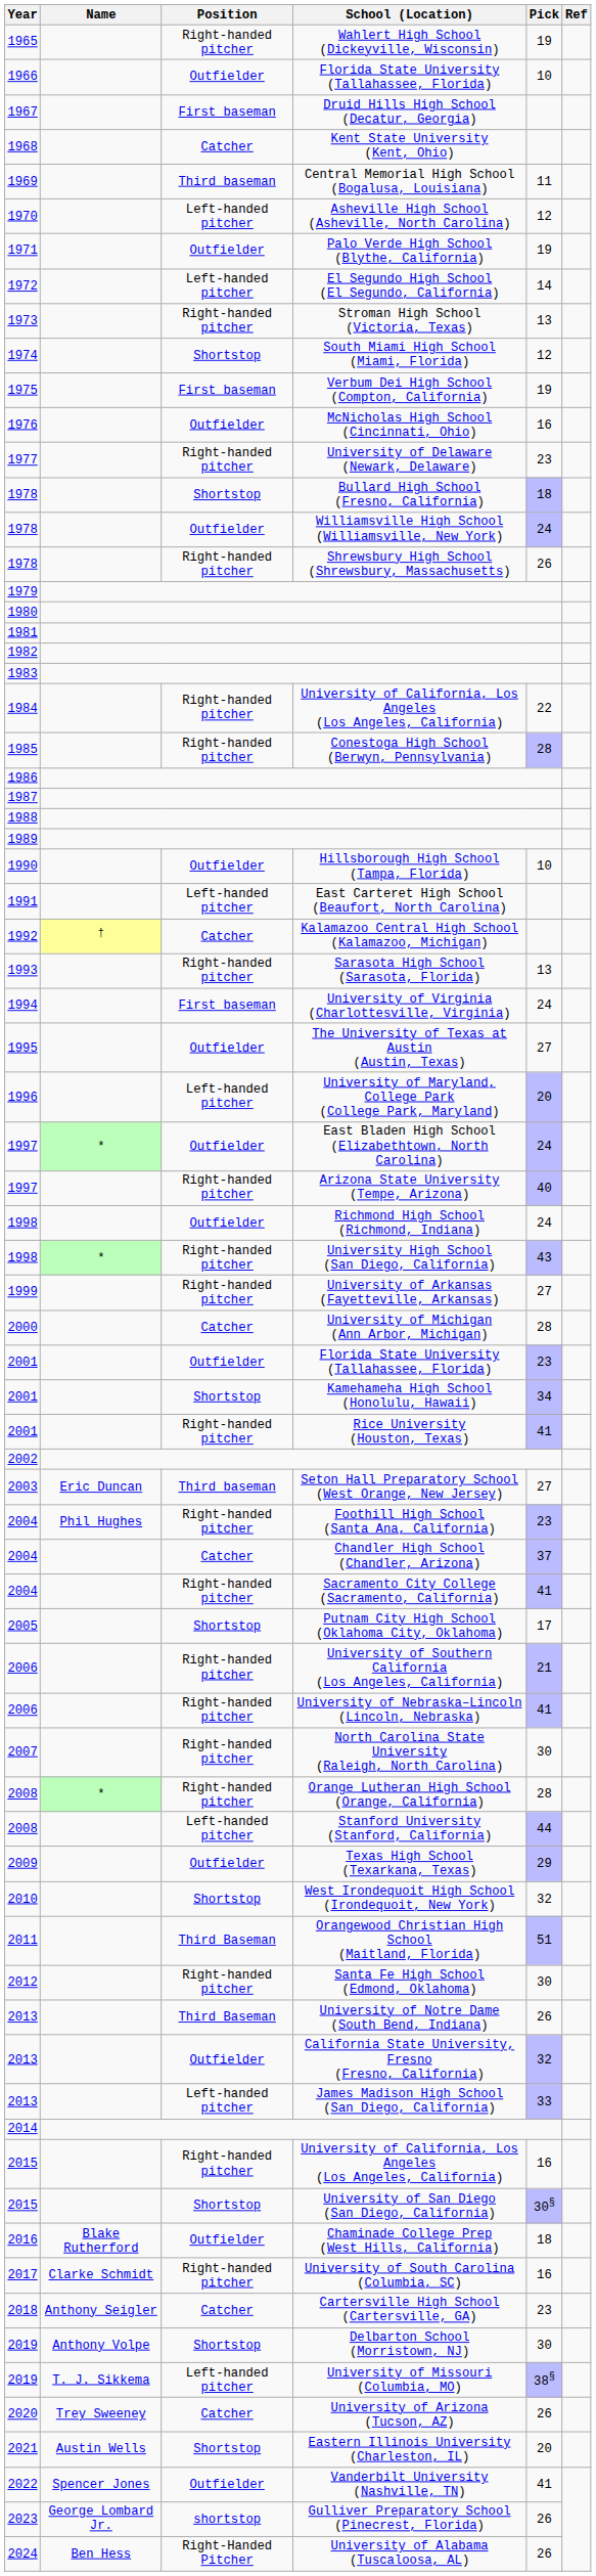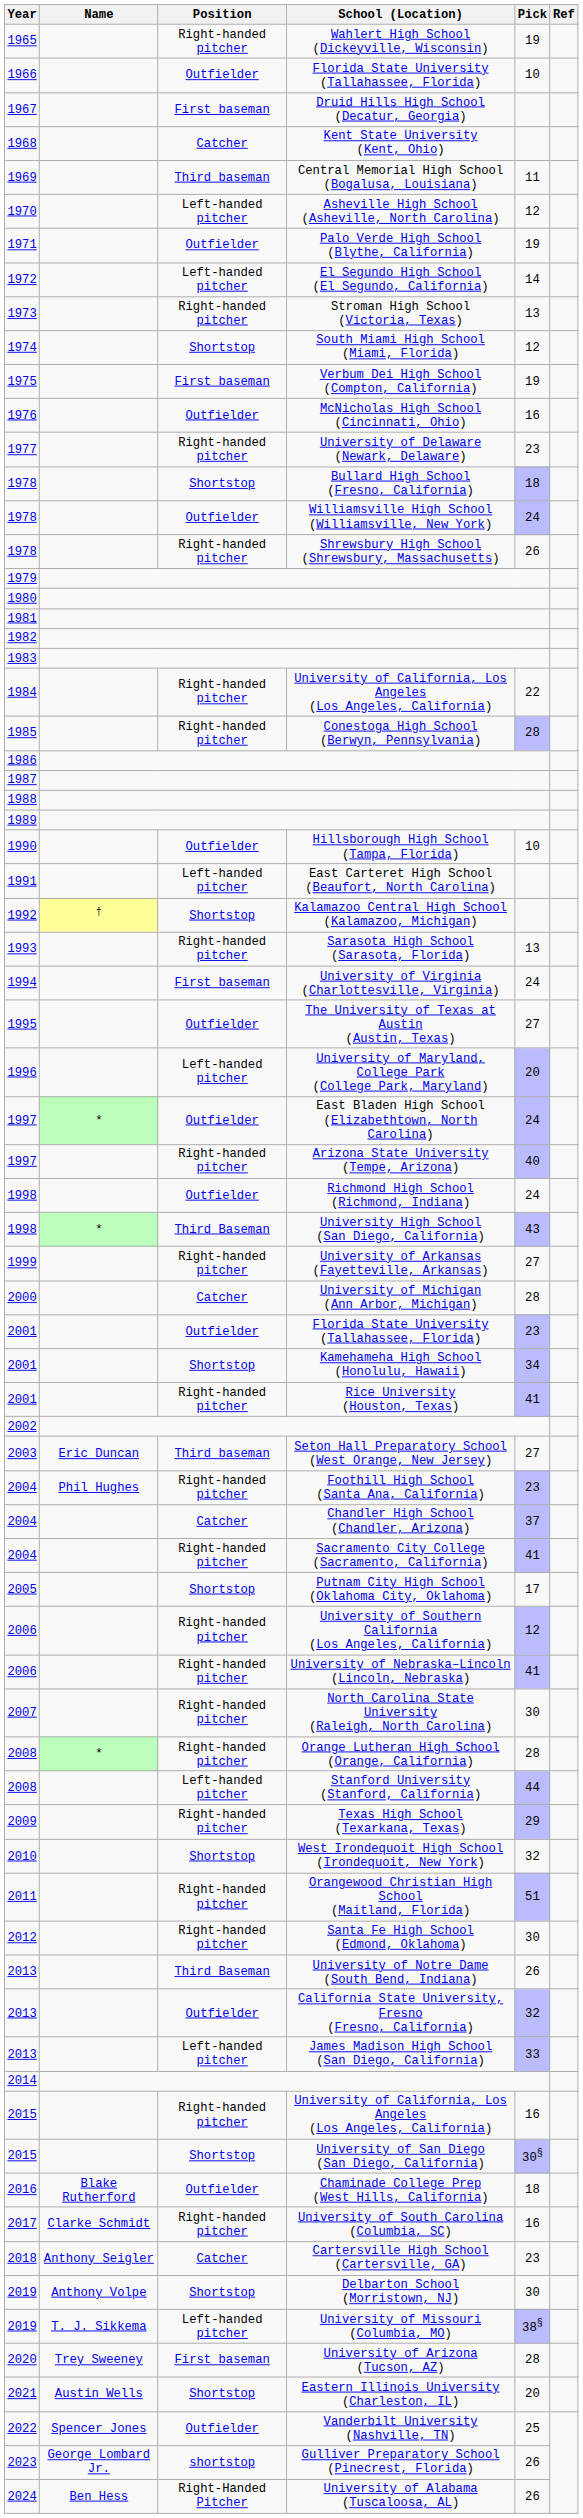 <table class="wikitable sortable" style="text-align:center;" border="1">
 <tr>
 <th>Year</th>
 <th>Name</th>
 <th>Position</th>
 <th class="unsortable">School (Location)</th>
 <th>Pick</th>
 <th class="unsortable">Ref</th>
 </tr>
 <tr>
 <td><a href='#'>1965</a></td>
 <td></td>
 <td>Right-handed <a href='#'>pitcher</a></td>
 <td><a href='#'>Wahlert High School</a><br>(<a href='#'>Dickeyville, Wisconsin</a>)</td>
 <td>19</td>
 <td></td>
 </tr>
 <tr>
 <td><a href='#'>1966</a></td>
 <td></td>
 <td><a href='#'>Outfielder</a></td>
 <td><a href='#'>Florida State University</a><br>(<a href='#'>Tallahassee, Florida</a>)</td>
 <td>10</td>
 <td></td>
 </tr>
 <tr>
 <td><a href='#'>1967</a></td>
 <td></td>
 <td><a href='#'>First baseman</a></td>
 <td><a href='#'>Druid Hills High School</a><br>(<a href='#'>Decatur, Georgia</a>)</td>
 <td></td>
 <td></td>
 </tr>
 <tr>
 <td><a href='#'>1968</a></td>
 <td></td>
 <td><a href='#'>Catcher</a></td>
 <td><a href='#'>Kent State University</a><br>(<a href='#'>Kent, Ohio</a>)</td>
 <td></td>
 <td></td>
 </tr>
 <tr>
 <td><a href='#'>1969</a></td>
 <td></td>
 <td><a href='#'>Third baseman</a></td>
 <td>Central Memorial High School<br>(<a href='#'>Bogalusa, Louisiana</a>)</td>
 <td>11</td>
 <td></td>
 </tr>
 <tr>
 <td><a href='#'>1970</a></td>
 <td></td>
 <td>Left-handed <a href='#'>pitcher</a></td>
 <td><a href='#'>Asheville High School</a><br>(<a href='#'>Asheville, North Carolina</a>)</td>
 <td>12</td>
 <td></td>
 </tr>
 <tr>
 <td><a href='#'>1971</a></td>
 <td></td>
 <td><a href='#'>Outfielder</a></td>
 <td><a href='#'>Palo Verde High School</a><br>(<a href='#'>Blythe, California</a>)</td>
 <td>19</td>
 <td></td>
 </tr>
 <tr>
 <td><a href='#'>1972</a></td>
 <td></td>
 <td>Left-handed <a href='#'>pitcher</a></td>
 <td><a href='#'>El Segundo High School</a><br>(<a href='#'>El Segundo, California</a>)</td>
 <td>14</td>
 <td></td>
 </tr>
 <tr>
 <td><a href='#'>1973</a></td>
 <td></td>
 <td>Right-handed <a href='#'>pitcher</a></td>
 <td>Stroman High School<br>(<a href='#'>Victoria, Texas</a>)</td>
 <td>13</td>
 <td></td>
 </tr>
 <tr>
 <td><a href='#'>1974</a></td>
 <td></td>
 <td><a href='#'>Shortstop</a></td>
 <td><a href='#'>South Miami High School</a><br>(<a href='#'>Miami, Florida</a>)</td>
 <td>12</td>
 <td></td>
 </tr>
 <tr>
 <td><a href='#'>1975</a></td>
 <td></td>
 <td><a href='#'>First baseman</a></td>
 <td><a href='#'>Verbum Dei High School</a><br>(<a href='#'>Compton, California</a>)</td>
 <td>19</td>
 <td></td>
 </tr>
 <tr>
 <td><a href='#'>1976</a></td>
 <td></td>
 <td><a href='#'>Outfielder</a></td>
 <td><a href='#'>McNicholas High School</a><br>(<a href='#'>Cincinnati, Ohio</a>)</td>
 <td>16</td>
 <td></td>
 </tr>
 <tr>
 <td><a href='#'>1977</a></td>
 <td></td>
 <td>Right-handed <a href='#'>pitcher</a></td>
 <td><a href='#'>University of Delaware</a><br>(<a href='#'>Newark, Delaware</a>)</td>
 <td>23</td>
 <td></td>
 </tr>
 <tr>
 <td><a href='#'>1978</a></td>
 <td></td>
 <td><a href='#'>Shortstop</a></td>
 <td><a href='#'>Bullard High School</a><br>(<a href='#'>Fresno, California</a>)</td>
 <td bgcolor="#bbbbff">18</td>
 <td></td>
 </tr>
 <tr>
 <td><a href='#'>1978</a></td>
 <td></td>
 <td><a href='#'>Outfielder</a></td>
 <td><a href='#'>Williamsville High School</a><br>(<a href='#'>Williamsville, New York</a>)</td>
 <td bgcolor="#bbbbff">24</td>
 <td></td>
 </tr>
 <tr>
 <td><a href='#'>1978</a></td>
 <td></td>
 <td>Right-handed <a href='#'>pitcher</a></td>
 <td><a href='#'>Shrewsbury High School</a><br>(<a href='#'>Shrewsbury, Massachusetts</a>)</td>
 <td>26</td>
 <td></td>
 </tr>
 <tr>
 <td><a href='#'>1979</a></td>
 <td colspan="4"></td>
 <td></td>
 </tr>
 <tr>
 <td><a href='#'>1980</a></td>
 <td colspan="4"></td>
 <td></td>
 </tr>
 <tr>
 <td><a href='#'>1981</a></td>
 <td colspan="4"></td>
 <td></td>
 </tr>
 <tr>
 <td><a href='#'>1982</a></td>
 <td colspan="4"></td>
 <td></td>
 </tr>
 <tr>
 <td><a href='#'>1983</a></td>
 <td colspan="4"></td>
 <td></td>
 </tr>
 <tr>
 <td><a href='#'>1984</a></td>
 <td></td>
 <td>Right-handed <a href='#'>pitcher</a></td>
 <td><a href='#'>University of California, Los Angeles</a><br>(<a href='#'>Los Angeles, California</a>)</td>
 <td>22</td>
 <td></td>
 </tr>
 <tr>
 <td><a href='#'>1985</a></td>
 <td></td>
 <td>Right-handed <a href='#'>pitcher</a></td>
 <td><a href='#'>Conestoga High School</a><br>(<a href='#'>Berwyn, Pennsylvania</a>)</td>
 <td bgcolor="#bbbbff">28</td>
 <td></td>
 </tr>
 <tr>
 <td><a href='#'>1986</a></td>
 <td colspan="4"></td>
 <td></td>
 </tr>
 <tr>
 <td><a href='#'>1987</a></td>
 <td colspan="4"></td>
 <td></td>
 </tr>
 <tr>
 <td><a href='#'>1988</a></td>
 <td colspan="4"></td>
 <td></td>
 </tr>
 <tr>
 <td><a href='#'>1989</a></td>
 <td colspan="4"></td>
 <td></td>
 </tr>
 <tr>
 <td><a href='#'>1990</a></td>
 <td></td>
 <td><a href='#'>Outfielder</a></td>
 <td><a href='#'>Hillsborough High School</a><br>(<a href='#'>Tampa, Florida</a>)</td>
 <td>10</td>
 <td></td>
 </tr>
 <tr>
 <td><a href='#'>1991</a></td>
 <td></td>
 <td>Left-handed <a href='#'>pitcher</a></td>
 <td>East Carteret High School<br>(<a href='#'>Beaufort, North Carolina</a>)</td>
 <td></td>
 <td></td>
 </tr>
 <tr>
 <td><a href='#'>1992</a></td>
 <td style="background:#ff9;"><sup>†</sup></td>
-<td><a href='#'>Catcher</a></td>
+<td><a href='#'>Shortstop</a></td>
 <td><a href='#'>Kalamazoo Central High School</a><br>(<a href='#'>Kalamazoo, Michigan</a>)</td>
 <td></td>
 <td></td>
 </tr>
 <tr>
 <td><a href='#'>1993</a></td>
 <td></td>
 <td>Right-handed <a href='#'>pitcher</a></td>
 <td><a href='#'>Sarasota High School</a><br>(<a href='#'>Sarasota, Florida</a>)</td>
 <td>13</td>
 <td></td>
 </tr>
 <tr>
 <td><a href='#'>1994</a></td>
 <td></td>
 <td><a href='#'>First baseman</a></td>
 <td><a href='#'>University of Virginia</a><br>(<a href='#'>Charlottesville, Virginia</a>)</td>
 <td>24</td>
 <td></td>
 </tr>
 <tr>
 <td><a href='#'>1995</a></td>
 <td></td>
 <td><a href='#'>Outfielder</a></td>
 <td><a href='#'>The University of Texas at Austin</a><br>(<a href='#'>Austin, Texas</a>)</td>
 <td>27</td>
 <td></td>
 </tr>
 <tr>
 <td><a href='#'>1996</a></td>
 <td></td>
 <td>Left-handed <a href='#'>pitcher</a></td>
 <td><a href='#'>University of Maryland, College Park</a><br>(<a href='#'>College Park, Maryland</a>)</td>
 <td bgcolor="#bbbbff">20</td>
 <td></td>
 </tr>
 <tr>
 <td><a href='#'>1997</a></td>
 <td bgcolor="#bbffbb">*</td>
 <td><a href='#'>Outfielder</a></td>
 <td>East Bladen High School<br>(<a href='#'>Elizabethtown, North Carolina</a>)</td>
 <td bgcolor="#bbbbff">24</td>
 <td></td>
 </tr>
 <tr>
 <td><a href='#'>1997</a></td>
 <td></td>
 <td>Right-handed <a href='#'>pitcher</a></td>
 <td><a href='#'>Arizona State University</a><br>(<a href='#'>Tempe, Arizona</a>)</td>
 <td bgcolor="#bbbbff">40</td>
 <td></td>
 </tr>
 <tr>
 <td><a href='#'>1998</a></td>
 <td></td>
 <td><a href='#'>Outfielder</a></td>
 <td><a href='#'>Richmond High School</a><br>(<a href='#'>Richmond, Indiana</a>)</td>
 <td>24</td>
 <td></td>
 </tr>
 <tr>
 <td><a href='#'>1998</a></td>
 <td bgcolor="#bbffbb">*</td>
-<td>Right-handed <a href='#'>pitcher</a></td>
+<td><a href='#'>Third Baseman</a></td>
 <td><a href='#'>University High School</a><br>(<a href='#'>San Diego, California</a>)</td>
 <td bgcolor="#bbbbff">43</td>
 <td></td>
 </tr>
 <tr>
 <td><a href='#'>1999</a></td>
 <td></td>
 <td>Right-handed <a href='#'>pitcher</a></td>
 <td><a href='#'>University of Arkansas</a><br>(<a href='#'>Fayetteville, Arkansas</a>)</td>
 <td>27</td>
 <td></td>
 </tr>
 <tr>
 <td><a href='#'>2000</a></td>
 <td></td>
 <td><a href='#'>Catcher</a></td>
 <td><a href='#'>University of Michigan</a><br>(<a href='#'>Ann Arbor, Michigan</a>)</td>
 <td>28</td>
 <td></td>
 </tr>
 <tr>
 <td><a href='#'>2001</a></td>
 <td></td>
 <td><a href='#'>Outfielder</a></td>
 <td><a href='#'>Florida State University</a><br>(<a href='#'>Tallahassee, Florida</a>)</td>
 <td bgcolor="#bbbbff">23</td>
 <td></td>
 </tr>
 <tr>
 <td><a href='#'>2001</a></td>
 <td></td>
 <td><a href='#'>Shortstop</a></td>
 <td><a href='#'>Kamehameha High School</a><br>(<a href='#'>Honolulu, Hawaii</a>)</td>
 <td bgcolor="#bbbbff">34</td>
 <td></td>
 </tr>
 <tr>
 <td><a href='#'>2001</a></td>
 <td></td>
 <td>Right-handed <a href='#'>pitcher</a></td>
 <td><a href='#'>Rice University</a><br>(<a href='#'>Houston, Texas</a>)</td>
 <td bgcolor="#bbbbff">41</td>
 <td></td>
 </tr>
 <tr>
 <td><a href='#'>2002</a></td>
 <td colspan="4"></td>
 <td></td>
 </tr>
 <tr>
 <td><a href='#'>2003</a></td>
 <td><a href='#'>Eric Duncan</a></td>
 <td><a href='#'>Third baseman</a></td>
 <td><a href='#'>Seton Hall Preparatory School</a><br>(<a href='#'>West Orange, New Jersey</a>)</td>
 <td>27</td>
 <td></td>
 </tr>
 <tr>
 <td><a href='#'>2004</a></td>
 <td><a href='#'>Phil Hughes</a></td>
 <td>Right-handed <a href='#'>pitcher</a></td>
 <td><a href='#'>Foothill High School</a><br>(<a href='#'>Santa Ana, California</a>)</td>
 <td bgcolor="#bbbbff">23</td>
 <td></td>
 </tr>
 <tr>
 <td><a href='#'>2004</a></td>
 <td></td>
 <td><a href='#'>Catcher</a></td>
 <td><a href='#'>Chandler High School</a><br>(<a href='#'>Chandler, Arizona</a>)</td>
 <td bgcolor="#bbbbff">37</td>
 <td></td>
 </tr>
 <tr>
 <td><a href='#'>2004</a></td>
 <td></td>
 <td>Right-handed <a href='#'>pitcher</a></td>
 <td><a href='#'>Sacramento City College</a><br>(<a href='#'>Sacramento, California</a>)</td>
 <td bgcolor="#bbbbff">41</td>
 <td></td>
 </tr>
 <tr>
 <td><a href='#'>2005</a></td>
 <td></td>
 <td><a href='#'>Shortstop</a></td>
 <td><a href='#'>Putnam City High School</a><br>(<a href='#'>Oklahoma City, Oklahoma</a>)</td>
 <td>17</td>
 <td></td>
 </tr>
 <tr>
 <td><a href='#'>2006</a></td>
 <td></td>
 <td>Right-handed <a href='#'>pitcher</a></td>
 <td><a href='#'>University of Southern California</a><br>(<a href='#'>Los Angeles, California</a>)</td>
-<td bgcolor="#bbbbff">21</td>
+<td bgcolor="#bbbbff">12</td>
 <td></td>
 </tr>
 <tr>
 <td><a href='#'>2006</a></td>
 <td></td>
 <td>Right-handed <a href='#'>pitcher</a></td>
 <td><a href='#'>University of Nebraska–Lincoln</a><br>(<a href='#'>Lincoln, Nebraska</a>)</td>
 <td bgcolor="#bbbbff">41</td>
 <td></td>
 </tr>
 <tr>
 <td><a href='#'>2007</a></td>
 <td></td>
 <td>Right-handed <a href='#'>pitcher</a></td>
 <td><a href='#'>North Carolina State University</a><br>(<a href='#'>Raleigh, North Carolina</a>)</td>
 <td>30</td>
 <td></td>
 </tr>
 <tr>
 <td><a href='#'>2008</a></td>
 <td bgcolor="#bbffbb">*</td>
 <td>Right-handed <a href='#'>pitcher</a></td>
 <td><a href='#'>Orange Lutheran High School</a><br>(<a href='#'>Orange, California</a>)</td>
 <td>28</td>
 <td></td>
 </tr>
 <tr>
 <td><a href='#'>2008</a></td>
 <td></td>
 <td>Left-handed <a href='#'>pitcher</a></td>
 <td><a href='#'>Stanford University</a><br>(<a href='#'>Stanford, California</a>)</td>
 <td bgcolor="#bbbbff">44</td>
 <td></td>
 </tr>
 <tr>
 <td><a href='#'>2009</a></td>
 <td></td>
-<td><a href='#'>Outfielder</a></td>
+<td>Right-handed <a href='#'>pitcher</a></td>
 <td><a href='#'>Texas High School</a><br>(<a href='#'>Texarkana, Texas</a>)</td>
 <td bgcolor="#bbbbff">29</td>
 <td></td>
 </tr>
 <tr>
 <td><a href='#'>2010</a></td>
 <td></td>
 <td><a href='#'>Shortstop</a></td>
 <td><a href='#'>West Irondequoit High School</a><br>(<a href='#'>Irondequoit, New York</a>)</td>
 <td>32</td>
 <td></td>
 </tr>
 <tr>
 <td><a href='#'>2011</a></td>
 <td></td>
-<td><a href='#'>Third Baseman</a></td>
+<td>Right-handed <a href='#'>pitcher</a></td>
 <td><a href='#'>Orangewood Christian High School</a><br>(<a href='#'>Maitland, Florida</a>)</td>
 <td bgcolor="#bbbbff">51</td>
 <td></td>
 </tr>
 <tr>
 <td><a href='#'>2012</a></td>
 <td></td>
 <td>Right-handed <a href='#'>pitcher</a></td>
 <td><a href='#'>Santa Fe High School</a><br>(<a href='#'>Edmond, Oklahoma</a>)</td>
 <td>30</td>
 <td></td>
 </tr>
 <tr>
 <td><a href='#'>2013</a></td>
 <td></td>
 <td><a href='#'>Third Baseman</a></td>
 <td><a href='#'>University of Notre Dame</a><br>(<a href='#'>South Bend, Indiana</a>)</td>
 <td>26</td>
 <td></td>
 </tr>
 <tr>
 <td><a href='#'>2013</a></td>
 <td></td>
 <td><a href='#'>Outfielder</a></td>
 <td><a href='#'>California State University, Fresno</a><br>(<a href='#'>Fresno, California</a>)</td>
 <td bgcolor="#bbbbff">32</td>
 <td></td>
 </tr>
 <tr>
 <td><a href='#'>2013</a></td>
 <td></td>
 <td>Left-handed <a href='#'>pitcher</a></td>
 <td><a href='#'>James Madison High School</a><br>(<a href='#'>San Diego, California</a>)</td>
 <td bgcolor="#bbbbff">33</td>
 <td></td>
 </tr>
 <tr>
 <td><a href='#'>2014</a></td>
 <td colspan="4"></td>
 <td></td>
 </tr>
 <tr>
 <td><a href='#'>2015</a></td>
 <td></td>
 <td>Right-handed <a href='#'>pitcher</a></td>
 <td><a href='#'>University of California, Los Angeles</a><br>(<a href='#'>Los Angeles, California</a>)</td>
 <td>16</td>
 <td></td>
 </tr>
 <tr>
 <td><a href='#'>2015</a></td>
 <td></td>
 <td><a href='#'>Shortstop</a></td>
 <td><a href='#'>University of San Diego</a><br>(<a href='#'>San Diego, California</a>)</td>
 <td bgcolor="#bbbbff">30<sup>§</sup></td>
 <td></td>
 </tr>
 <tr>
 <td><a href='#'>2016</a></td>
 <td><a href='#'>Blake Rutherford</a></td>
 <td><a href='#'>Outfielder</a></td>
 <td><a href='#'>Chaminade College Prep</a><br>(<a href='#'>West Hills, California</a>)</td>
 <td>18</td>
 <td></td>
 </tr>
 <tr>
 <td><a href='#'>2017</a></td>
 <td><a href='#'>Clarke Schmidt</a></td>
 <td>Right-handed <a href='#'>pitcher</a></td>
 <td><a href='#'>University of South Carolina</a><br>(<a href='#'>Columbia, SC</a>)</td>
 <td>16</td>
 <td></td>
 </tr>
 <tr>
 <td><a href='#'>2018</a></td>
 <td><a href='#'>Anthony Seigler</a></td>
 <td><a href='#'>Catcher</a></td>
 <td><a href='#'>Cartersville High School</a><br>(<a href='#'>Cartersville, GA</a>)</td>
 <td>23</td>
 <td></td>
 </tr>
 <tr>
 <td><a href='#'>2019</a></td>
 <td><a href='#'>Anthony Volpe</a></td>
 <td><a href='#'>Shortstop</a></td>
 <td><a href='#'>Delbarton School</a><br>(<a href='#'>Morristown, NJ</a>)</td>
 <td>30</td>
 <td></td>
 </tr>
 <tr>
 <td><a href='#'>2019</a></td>
 <td><a href='#'>T. J. Sikkema</a></td>
 <td>Left-handed <a href='#'>pitcher</a></td>
 <td><a href='#'>University of Missouri</a><br>(<a href='#'>Columbia, MO</a>)</td>
 <td bgcolor="#bbbbff">38<sup>§</sup></td>
 <td></td>
 </tr>
 <tr>
 <td><a href='#'>2020</a></td>
 <td><a href='#'>Trey Sweeney</a></td>
-<td><a href='#'>Catcher</a></td>
+<td><a href='#'>First baseman</a></td>
 <td><a href='#'>University of Arizona</a><br>(<a href='#'>Tucson, AZ</a>)</td>
-<td>26</td>
+<td>28</td>
 <td></td>
 </tr>
 <tr>
 <td><a href='#'>2021</a></td>
 <td><a href='#'>Austin Wells</a></td>
 <td><a href='#'>Shortstop</a></td>
 <td><a href='#'>Eastern Illinois University</a><br>(<a href='#'>Charleston, IL</a>)</td>
 <td>20</td>
 <td></td>
 </tr>
 <tr>
 <td><a href='#'>2022</a></td>
 <td><a href='#'>Spencer Jones</a></td>
 <td><a href='#'>Outfielder</a></td>
 <td><a href='#'>Vanderbilt University</a><br>(<a href='#'>Nashville, TN</a>)</td>
-<td>41</td>
+<td>25</td>
 </tr>
 <tr>
 <td><a href='#'>2023</a></td>
 <td><a href='#'>George Lombard Jr.</a></td>
 <td><a href='#'>shortstop</a></td>
 <td><a href='#'>Gulliver Preparatory School</a><br>(<a href='#'>Pinecrest, Florida</a>)</td>
 <td>26</td>
 </tr>
 <tr>
 <td><a href='#'>2024</a></td>
 <td><a href='#'>Ben Hess</a></td>
 <td>Right-Handed <a href='#'>Pitcher</a></td>
 <td><a href='#'>University of Alabama</a><br>(<a href='#'>Tuscaloosa, AL</a>)</td>
 <td>26</td>
 </tr>
 </table>
